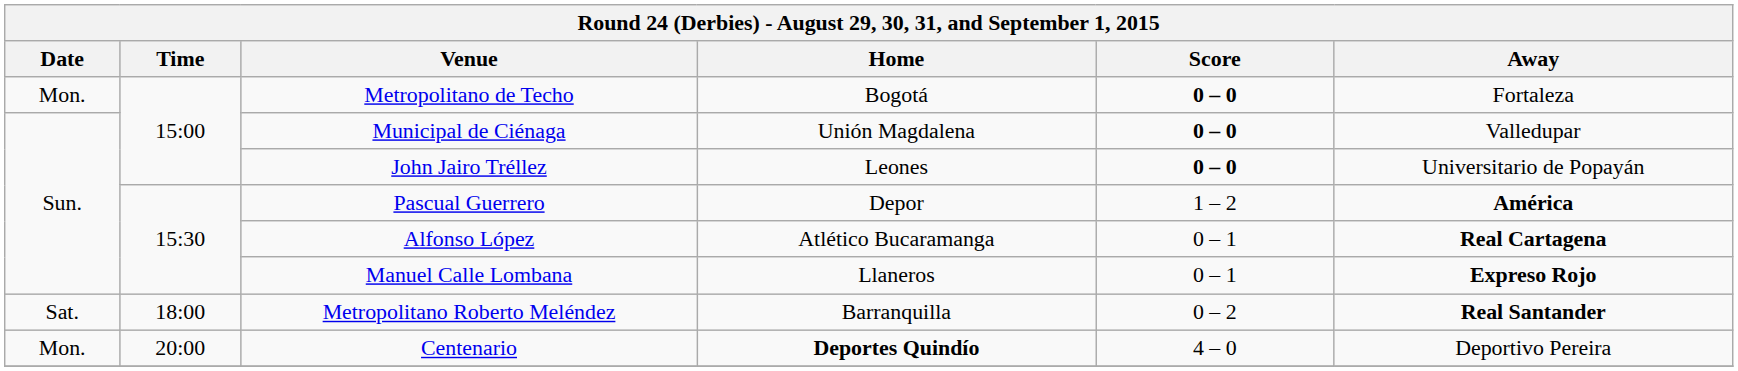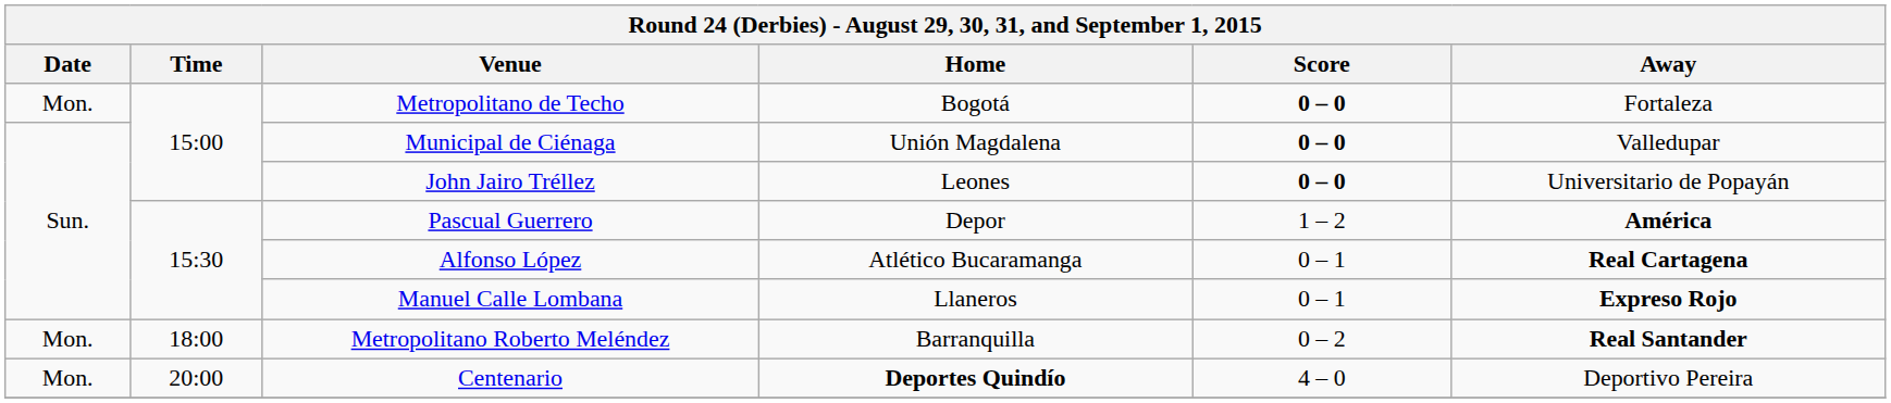 <table class="wikitable collapsible collapsed" style="font-size:95%; text-align: center; width: 95%;">
 <tr>
 <th colspan="12" style="with: 100%;" align=center>Round 24 (Derbies) - August 29, 30, 31, and September 1, 2015</th>
 </tr>
 <tr>
 <th width="10">Date</th>
 <th width="20">Time</th>
 <th width="150">Venue</th>
 <th width="130">Home</th>
 <th width="75">Score</th>
 <th width="130">Away</th>
 </tr>
 <tr align=center>
 <td>Mon.</td>
 <td rowspan=3>15:00</td>
 <td><a href='#'>Metropolitano de Techo</a></td>
 <td>Bogotá</td>
 <td><strong>0 – 0</strong></td>
 <td>Fortaleza</td>
 </tr>
 <tr align=center>
 <td rowspan=5>Sun.</td>
 <td><a href='#'>Municipal de Ciénaga</a></td>
 <td>Unión Magdalena</td>
 <td><strong>0 – 0</strong></td>
 <td>Valledupar</td>
 </tr>
 <tr align=center>
 <td><a href='#'>John Jairo Tréllez</a></td>
 <td>Leones</td>
 <td><strong>0 – 0</strong></td>
 <td>Universitario de Popayán</td>
 </tr>
 <tr align=center>
 <td rowspan=3>15:30</td>
 <td><a href='#'>Pascual Guerrero</a></td>
 <td>Depor</td>
 <td>1 – 2</td>
 <td><strong>América</strong></td>
 </tr>
 <tr align=center>
 <td><a href='#'>Alfonso López</a></td>
 <td>Atlético Bucaramanga</td>
 <td>0 – 1</td>
 <td><strong>Real Cartagena</strong></td>
 </tr>
 <tr align=center>
 <td><a href='#'>Manuel Calle Lombana</a></td>
 <td>Llaneros</td>
 <td>0 – 1</td>
 <td><strong>Expreso Rojo</strong></td>
 </tr>
 <tr align=center>
-<td>Sat.</td>
+<td>Mon.</td>
 <td>18:00</td>
 <td><a href='#'>Metropolitano Roberto Meléndez</a></td>
 <td>Barranquilla</td>
 <td>0 – 2</td>
 <td><strong>Real Santander</strong></td>
 </tr>
 <tr align=center>
 <td>Mon.</td>
 <td>20:00</td>
 <td><a href='#'>Centenario</a></td>
 <td><strong>Deportes Quindío</strong></td>
 <td>4 – 0</td>
 <td>Deportivo Pereira</td>
 </tr>
 <tr align=center>
 </tr>
 </table>
